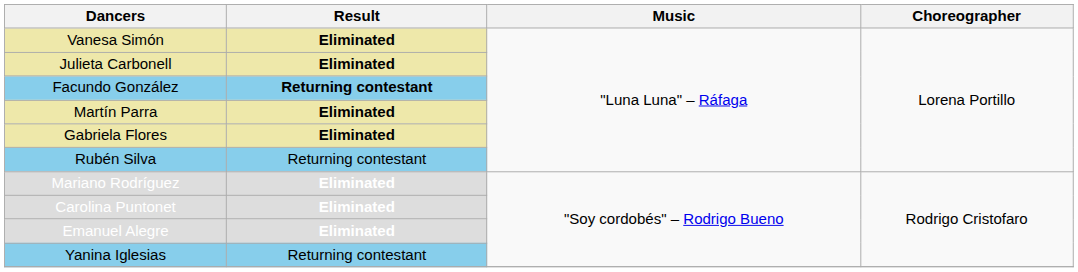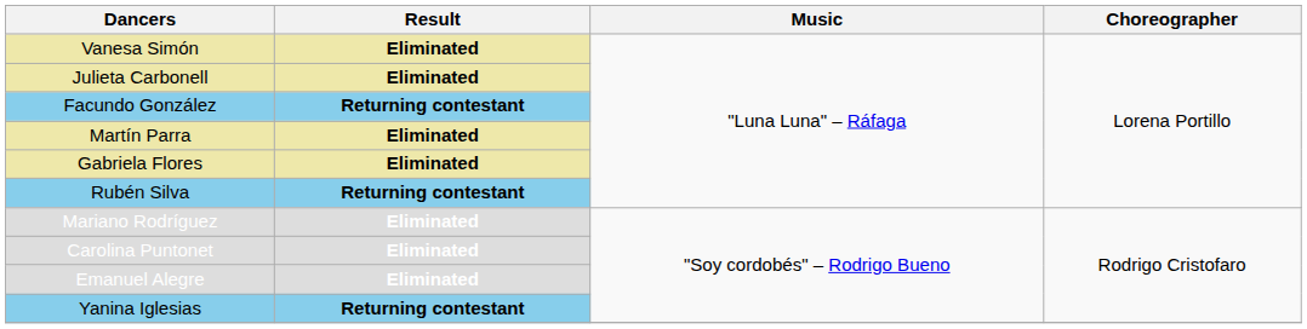 <table class="wikitable" width="90%" style="text-align:center;">
 <tr bgcolor="f2f2f2">
 <td><strong>Dancers</strong></td>
 <td><strong>Result</strong></td>
 <td><strong>Music</strong></td>
 <td><strong>Choreographer</strong></td>
 </tr>
 <tr>
 <td bgcolor=palegoldenrod>Vanesa Simón</td>
 <td bgcolor=palegoldenrod><strong>Eliminated</strong></td>
 <td rowspan=6>"Luna Luna" – <a href='#'>Ráfaga</a></td>
 <td rowspan=6>Lorena Portillo</td>
 </tr>
 <tr bgcolor="palegoldenrod">
 <td>Julieta Carbonell</td>
 <td><strong>Eliminated</strong></td>
 </tr>
 <tr bgcolor=skyblue>
 <td>Facundo González</td>
 <td><strong>Returning contestant</strong></td>
 </tr>
 <tr bgcolor="palegoldenrod">
 <td>Martín Parra</td>
 <td><strong>Eliminated</strong></td>
 </tr>
 <tr bgcolor="palegoldenrod">
 <td>Gabriela Flores</td>
 <td><strong>Eliminated</strong></td>
 </tr>
 <tr bgcolor=skyblue>
 <td>Rubén Silva</td>
-<td>Returning contestant</td>
+<td><strong>Returning contestant</strong></td>
 </tr>
 <tr>
 <td style="background:#dddddd; color:white;">Mariano Rodríguez</td>
 <td style="background:#dddddd; color:white;"><strong>Eliminated</strong></td>
 <td rowspan=4>"Soy cordobés" – <a href='#'>Rodrigo Bueno</a></td>
 <td rowspan=4>Rodrigo Cristofaro</td>
 </tr>
 <tr style="background:#dddddd; color:white;">
 <td>Carolina Puntonet</td>
 <td><strong>Eliminated</strong></td>
 </tr>
 <tr style="background:#dddddd; color:white;">
 <td>Emanuel Alegre</td>
 <td><strong>Eliminated</strong></td>
 </tr>
 <tr bgcolor=skyblue>
 <td>Yanina Iglesias</td>
-<td>Returning contestant</td>
+<td><strong>Returning contestant</strong></td>
 </tr>
 <tr>
 </tr>
 </table>
